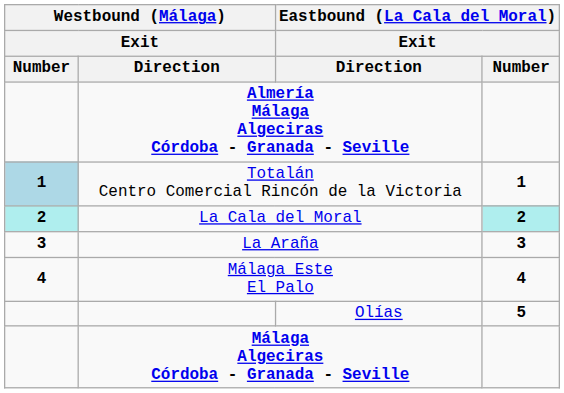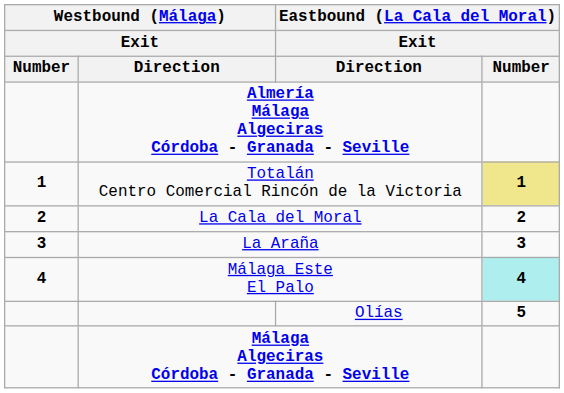 <table class="wikitable" style="font-size:95%; text-align: center;">
 <tr>
 <th colspan="2">Westbound (<a href='#'>Málaga</a>)</th>
 <th colspan="2">Eastbound (<a href='#'>La Cala del Moral</a>)</th>
 </tr>
 <tr>
 <th colspan="2">Exit</th>
 <th colspan="2">Exit</th>
 </tr>
 <tr>
 <th>Number</th>
 <th>Direction</th>
 <th>Direction</th>
 <th>Number</th>
 </tr>
 <tr>
 <td></td>
 <td colspan="2">  <strong><a href='#'>Almería</a></strong><br><strong><a href='#'>Málaga</a></strong><br><strong><a href='#'>Algeciras</a></strong><br> <strong><a href='#'>Córdoba</a></strong> <strong>-</strong> <strong><a href='#'>Granada</a></strong> <strong>-</strong> <strong><a href='#'>Seville</a></strong></td>
 <td></td>
 </tr>
 <tr>
-<td style="background: lightblue;"><strong>1</strong></td>
+<td><strong>1</strong></td>
 <td colspan="2"> <a href='#'>Totalán</a><br>Centro Comercial Rincón de la Victoria</td>
-<td><strong>1</strong></td>
+<td style="background: khaki;"><strong>1</strong></td>
 </tr>
 <tr>
-<td style="background: paleturquoise;"><strong>2</strong></td>
+<td><strong>2</strong></td>
 <td colspan="2"> <a href='#'>La Cala del Moral</a></td>
-<td style="background: paleturquoise;"><strong>2</strong></td>
+<td><strong>2</strong></td>
 </tr>
 <tr>
 <td><strong>3</strong></td>
 <td colspan="2"><a href='#'>La Araña</a></td>
 <td><strong>3</strong></td>
 </tr>
 <tr>
 <td><strong>4</strong></td>
 <td colspan="2"><a href='#'>Málaga Este</a><br><a href='#'>El Palo</a></td>
-<td><strong>4</strong></td>
+<td style="background: paleturquoise;"><strong>4</strong></td>
 </tr>
 <tr>
 <td></td>
 <td></td>
 <td> <a href='#'>Olías</a></td>
 <td><strong>5</strong></td>
 </tr>
 <tr>
 <td></td>
 <td colspan="2">  <strong><a href='#'>Málaga</a></strong><br><strong><a href='#'>Algeciras</a></strong><br> <strong><a href='#'>Córdoba</a></strong> <strong>-</strong> <strong><a href='#'>Granada</a></strong> <strong>-</strong> <strong><a href='#'>Seville</a></strong></td>
 <td></td>
 </tr>
 </table>
